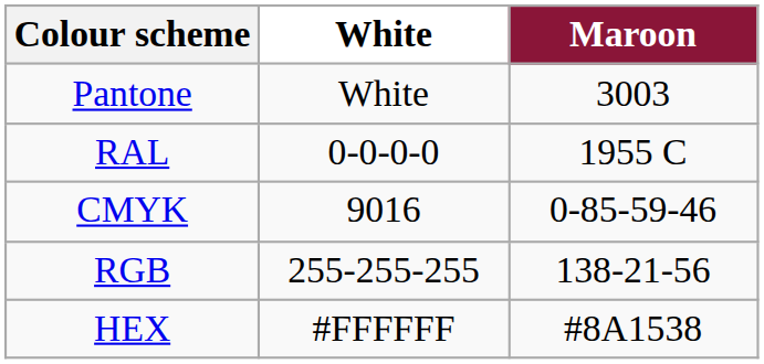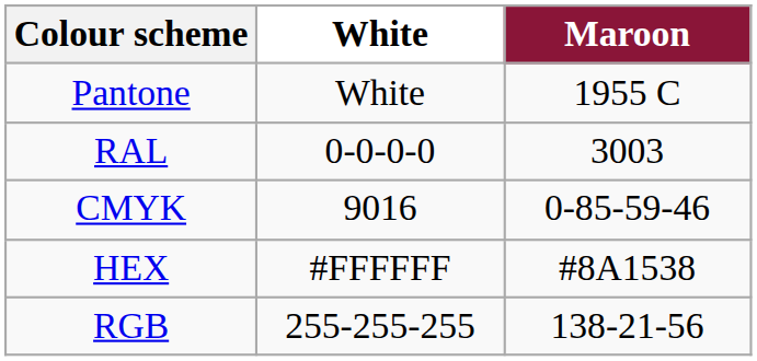 <table class=wikitable style="text-align:center;">
 <tr>
 <th>Colour scheme</th>
 <th ! style="background:#FFFFFF; width:100px; colour:#8A1538;">White</th>
 <th style="background:#8A1538; width:100px; color:white;">Maroon</th>
 </tr>
 <tr>
 <td><a href='#'>Pantone</a></td>
 <td>White</td>
-<td>3003</td>
+<td>1955 C</td>
 </tr>
 <tr>
 <td><a href='#'>RAL</a></td>
 <td>0-0-0-0</td>
-<td>1955 C</td>
+<td>3003</td>
 </tr>
 <tr>
 <td><a href='#'>CMYK</a></td>
 <td>9016</td>
 <td>0-85-59-46</td>
 </tr>
 <tr>
+<td><a href='#'>HEX</a></td>
+<td>#FFFFFF</td>
+<td>#8A1538</td>
+</tr>
+<tr>
 <td><a href='#'>RGB</a></td>
 <td>255-255-255</td>
 <td>138-21-56</td>
 </tr>
-<tr>
-<td><a href='#'>HEX</a></td>
-<td>#FFFFFF</td>
-<td>#8A1538</td>
-</tr>
 </table>
